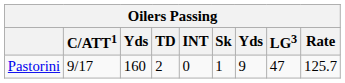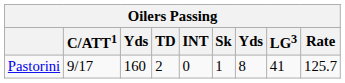 <table class="wikitable">
 <tr>
 <th colspan="9">Oilers Passing</th>
 </tr>
 <tr>
 <th></th>
 <th>C/ATT<sup>1</sup></th>
 <th>Yds</th>
 <th>TD</th>
 <th>INT</th>
 <th>Sk</th>
 <th>Yds</th>
 <th>LG<sup>3</sup></th>
 <th>Rate</th>
 </tr>
 <tr>
 <td><a href='#'>Pastorini</a></td>
 <td>9/17</td>
 <td>160</td>
 <td>2</td>
 <td>0</td>
 <td>1</td>
-<td>9</td>
-<td>47</td>
+<td>8</td>
+<td>41</td>
 <td>125.7</td>
 </tr>
 </table>
